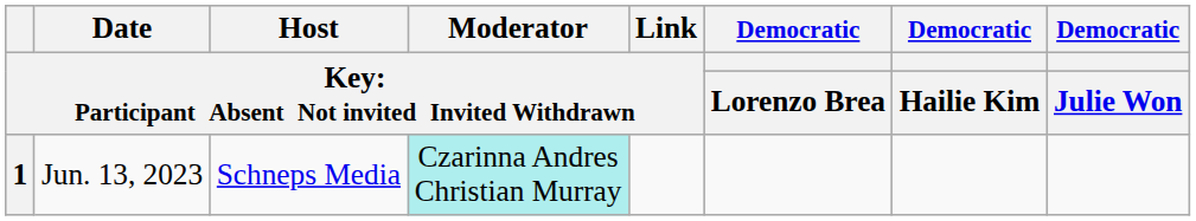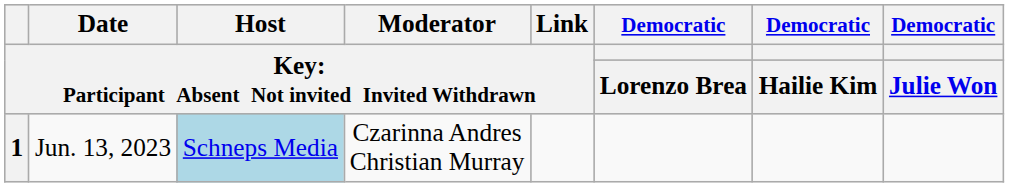 <table class="wikitable" style="text-align:center;">
 <tr>
 <th scope="col"></th>
 <th scope="col">Date</th>
 <th scope="col">Host</th>
 <th scope="col">Moderator</th>
 <th scope="col">Link</th>
 <th scope="col"><small><a href='#'>Democratic</a></small></th>
 <th scope="col"><small><a href='#'>Democratic</a></small></th>
 <th scope="col"><small><a href='#'>Democratic</a></small></th>
 </tr>
 <tr>
 <th colspan="5" rowspan="2">Key:<br> <small>Participant </small>  <small>Absent </small>  <small>Not invited </small>  <small>Invited  Withdrawn</small></th>
 <th scope="col" style="background:"></th>
 <th scope="col" style="background:"></th>
 <th scope="col" style="background:"></th>
 </tr>
 <tr>
 <th scope="col">Lorenzo Brea</th>
 <th scope="col">Hailie Kim</th>
 <th scope="col"><a href='#'>Julie Won</a></th>
 </tr>
 <tr>
 <th>1</th>
 <td style="white-space:nowrap;">Jun. 13, 2023</td>
-<td style="white-space:nowrap;"><a href='#'>Schneps Media</a></td>
-<td style="background: paleturquoise; white-space:nowrap;">Czarinna Andres<br>Christian Murray</td>
+<td style="background: lightblue; white-space:nowrap;"><a href='#'>Schneps Media</a></td>
+<td style="white-space:nowrap;">Czarinna Andres<br>Christian Murray</td>
 <td style="white-space:nowrap;"></td>
 <td></td>
 <td></td>
 <td></td>
 </tr>
 </table>
